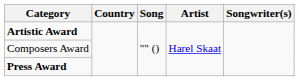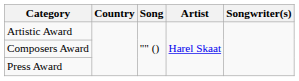 <table class="wikitable plainrowheaders">
 <tr>
 <th scope="col">Category</th>
 <th scope="col">Country</th>
 <th scope="col">Song</th>
 <th scope="col">Artist</th>
 <th scope="col">Songwriter(s)</th>
 </tr>
 <tr>
-<td><strong>Artistic Award</strong></td>
+<td>Artistic Award</td>
 <td rowspan="3"></td>
 <td rowspan="3">"" ()</td>
 <td rowspan="3"><a href='#'>Harel Skaat</a></td>
 <td rowspan="3"></td>
 </tr>
 <tr>
 <td>Composers Award</td>
 </tr>
 <tr>
-<td><strong>Press Award</strong></td>
+<td>Press Award</td>
 </tr>
 </table>
